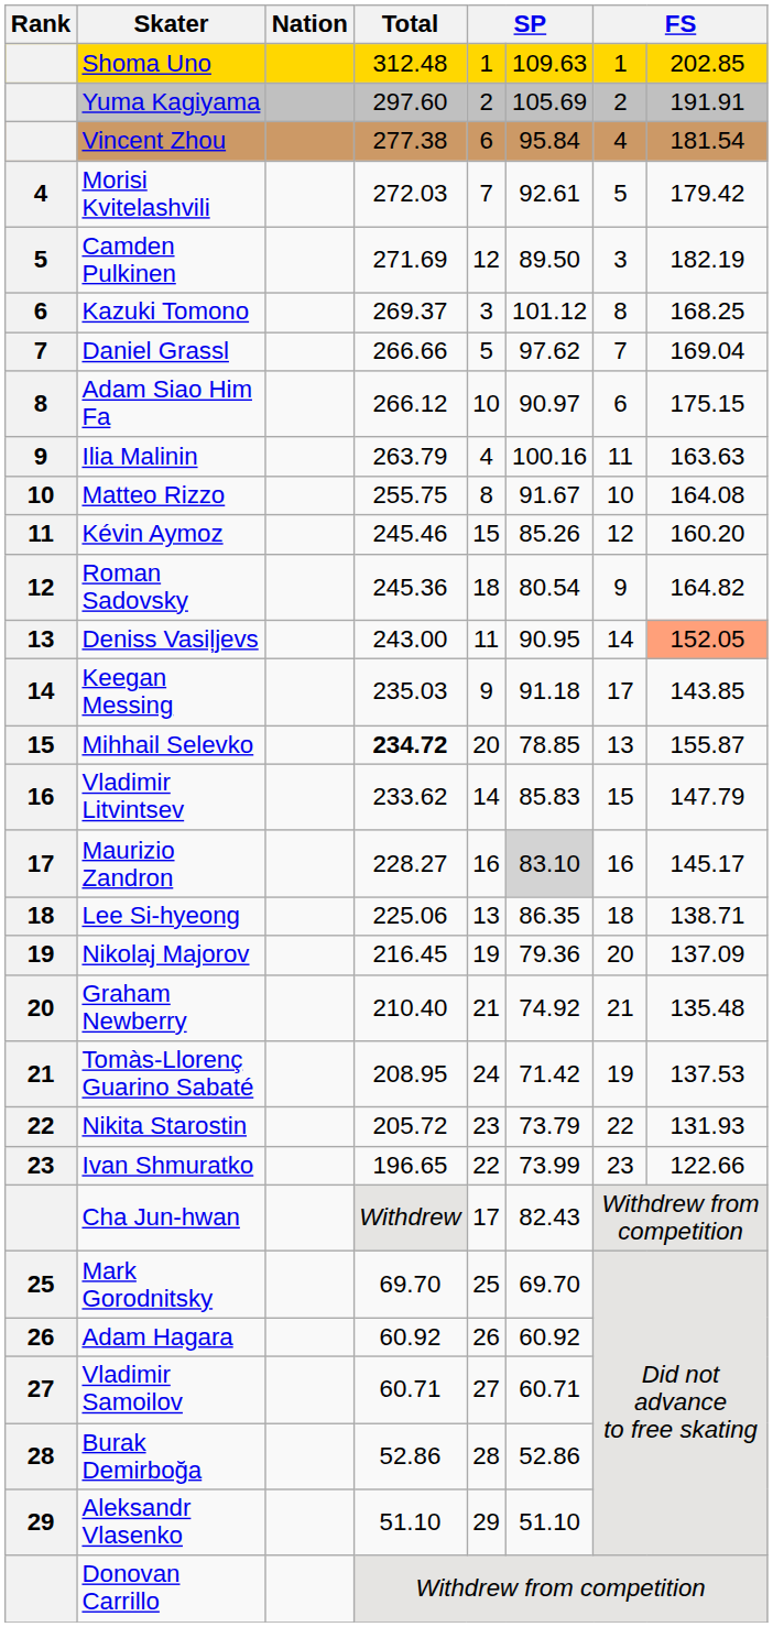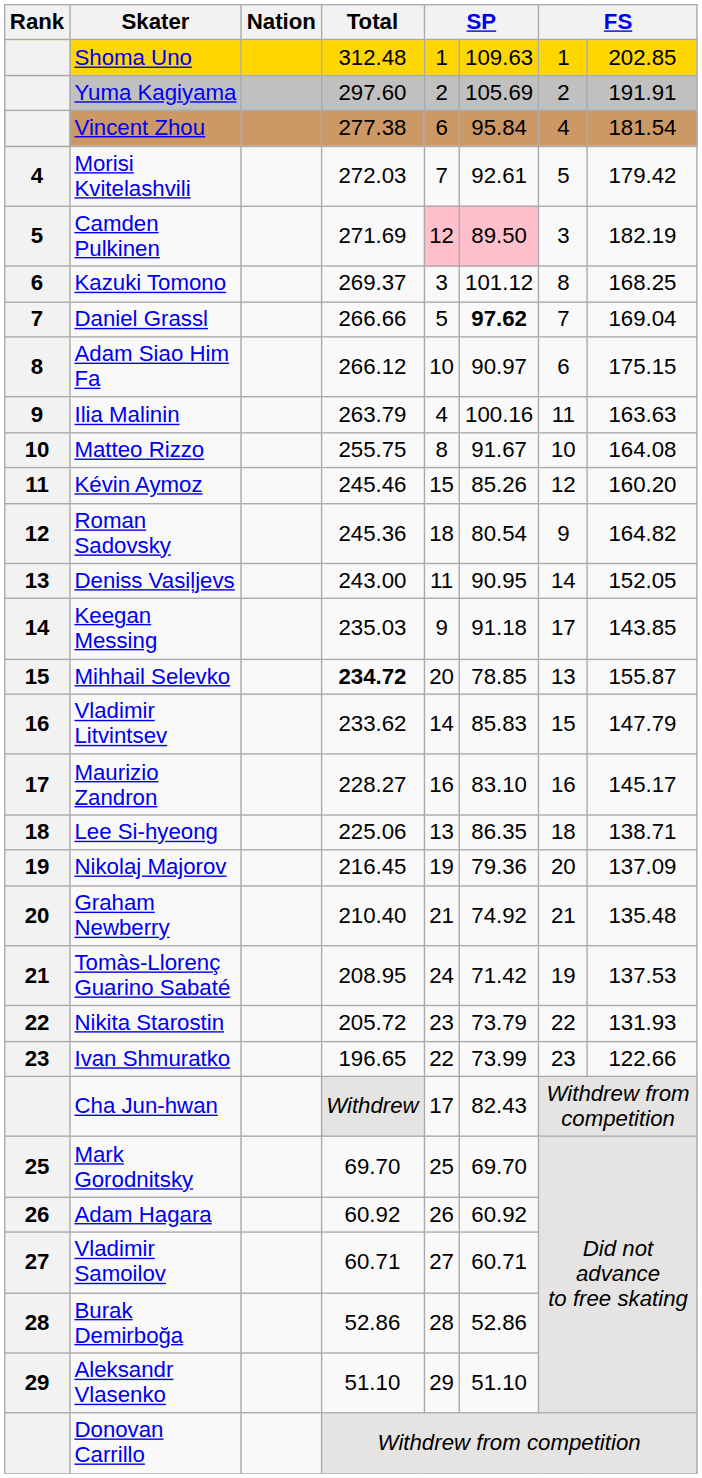 <table class="wikitable sortable" style="text-align:center; width:80%">
 <tr>
 <th scope="col">Rank</th>
 <th scope="col">Skater</th>
 <th scope="col">Nation</th>
 <th scope="col">Total</th>
 <th colspan="2" width="80px"><a href='#'>SP</a></th>
 <th colspan="2" width="80px"><a href='#'>FS</a></th>
 </tr>
 <tr bgcolor="gold">
 <th scope="row"></th>
 <td align="left"><a href='#'>Shoma Uno</a></td>
 <td align="left"></td>
 <td align="center">312.48</td>
 <td align="center">1</td>
 <td align="center">109.63</td>
 <td align="center">1</td>
 <td align="center">202.85</td>
 </tr>
 <tr bgcolor="silver">
 <th scope="row"></th>
 <td align="left"><a href='#'>Yuma Kagiyama</a></td>
 <td align="left"></td>
 <td align="center">297.60</td>
 <td align="center">2</td>
 <td align="center">105.69</td>
 <td align="center">2</td>
 <td align="center">191.91</td>
 </tr>
 <tr bgcolor="#cc9966">
 <th scope="row"></th>
 <td align="left"><a href='#'>Vincent Zhou</a></td>
 <td align="left"></td>
 <td align="center">277.38</td>
 <td align="center">6</td>
 <td align="center">95.84</td>
 <td align="center">4</td>
 <td align="center">181.54</td>
 </tr>
 <tr>
 <th scope="row">4</th>
 <td align="left"><a href='#'>Morisi Kvitelashvili</a></td>
 <td align="left"></td>
 <td align="center">272.03</td>
 <td align="center">7</td>
 <td align="center">92.61</td>
 <td align="center">5</td>
 <td align="center">179.42</td>
 </tr>
 <tr>
 <th scope="row">5</th>
 <td align="left"><a href='#'>Camden Pulkinen</a></td>
 <td align="left"></td>
 <td align="center">271.69</td>
-<td align="center">12</td>
-<td align="center">89.50</td>
+<td align="center" style="background: pink;">12</td>
+<td align="center" style="background: pink;">89.50</td>
 <td align="center">3</td>
 <td align="center">182.19</td>
 </tr>
 <tr>
 <th scope="row">6</th>
 <td align="left"><a href='#'>Kazuki Tomono</a></td>
 <td align="left"></td>
 <td align="center">269.37</td>
 <td align="center">3</td>
 <td align="center">101.12</td>
 <td align="center">8</td>
 <td align="center">168.25</td>
 </tr>
 <tr>
 <th scope="row">7</th>
 <td align="left"><a href='#'>Daniel Grassl</a></td>
 <td align="left"></td>
 <td align="center">266.66</td>
 <td align="center">5</td>
-<td align="center">97.62</td>
+<td align="center"><strong>97.62</strong></td>
 <td align="center">7</td>
 <td align="center">169.04</td>
 </tr>
 <tr>
 <th scope="row">8</th>
 <td align="left"><a href='#'>Adam Siao Him Fa</a></td>
 <td align="left"></td>
 <td align="center">266.12</td>
 <td align="center">10</td>
 <td align="center">90.97</td>
 <td align="center">6</td>
 <td align="center">175.15</td>
 </tr>
 <tr>
 <th scope="row">9</th>
 <td align="left"><a href='#'>Ilia Malinin</a></td>
 <td align="left"></td>
 <td align="center">263.79</td>
 <td align="center">4</td>
 <td align="center">100.16</td>
 <td align="center">11</td>
 <td align="center">163.63</td>
 </tr>
 <tr>
 <th scope="row">10</th>
 <td align="left"><a href='#'>Matteo Rizzo</a></td>
 <td align="left"></td>
 <td align="center">255.75</td>
 <td align="center">8</td>
 <td align="center">91.67</td>
 <td align="center">10</td>
 <td align="center">164.08</td>
 </tr>
 <tr>
 <th scope="row">11</th>
 <td align="left"><a href='#'>Kévin Aymoz</a></td>
 <td align="left"></td>
 <td align="center">245.46</td>
 <td align="center">15</td>
 <td align="center">85.26</td>
 <td align="center">12</td>
 <td align="center">160.20</td>
 </tr>
 <tr>
 <th scope="row">12</th>
 <td align="left"><a href='#'>Roman Sadovsky</a></td>
 <td align="left"></td>
 <td align="center">245.36</td>
 <td align="center">18</td>
 <td align="center">80.54</td>
 <td align="center">9</td>
 <td align="center">164.82</td>
 </tr>
 <tr>
 <th scope="row">13</th>
 <td align="left"><a href='#'>Deniss Vasiļjevs</a></td>
 <td align="left"></td>
 <td align="center">243.00</td>
 <td align="center">11</td>
 <td align="center">90.95</td>
 <td align="center">14</td>
-<td align="center" style="background: lightsalmon;">152.05</td>
+<td align="center">152.05</td>
 </tr>
 <tr>
 <th scope="row">14</th>
 <td align="left"><a href='#'>Keegan Messing</a></td>
 <td align="left"></td>
 <td align="center">235.03</td>
 <td align="center">9</td>
 <td align="center">91.18</td>
 <td align="center">17</td>
 <td align="center">143.85</td>
 </tr>
 <tr>
 <th scope="row">15</th>
 <td align="left"><a href='#'>Mihhail Selevko</a></td>
 <td align="left"></td>
 <td align="center"><strong>234.72</strong></td>
 <td align="center">20</td>
 <td align="center">78.85</td>
 <td align="center">13</td>
 <td align="center">155.87</td>
 </tr>
 <tr>
 <th scope="row">16</th>
 <td align="left"><a href='#'>Vladimir Litvintsev</a></td>
 <td align="left"></td>
 <td align="center">233.62</td>
 <td align="center">14</td>
 <td align="center">85.83</td>
 <td align="center">15</td>
 <td align="center">147.79</td>
 </tr>
 <tr>
 <th scope="row">17</th>
 <td align="left"><a href='#'>Maurizio Zandron</a></td>
 <td align="left"></td>
 <td align="center">228.27</td>
 <td align="center">16</td>
-<td align="center" style="background: lightgrey;">83.10</td>
+<td align="center">83.10</td>
 <td align="center">16</td>
 <td align="center">145.17</td>
 </tr>
 <tr>
 <th scope="row">18</th>
 <td align="left"><a href='#'>Lee Si-hyeong</a></td>
 <td align="left"></td>
 <td align="center">225.06</td>
 <td align="center">13</td>
 <td align="center">86.35</td>
 <td align="center">18</td>
 <td align="center">138.71</td>
 </tr>
 <tr>
 <th scope="row">19</th>
 <td align="left"><a href='#'>Nikolaj Majorov</a></td>
 <td align="left"></td>
 <td align="center">216.45</td>
 <td align="center">19</td>
 <td align="center">79.36</td>
 <td align="center">20</td>
 <td align="center">137.09</td>
 </tr>
 <tr>
 <th scope="row">20</th>
 <td align="left"><a href='#'>Graham Newberry</a></td>
 <td align="left"></td>
 <td align="center">210.40</td>
 <td align="center">21</td>
 <td align="center">74.92</td>
 <td align="center">21</td>
 <td align="center">135.48</td>
 </tr>
 <tr>
 <th scope="row">21</th>
 <td align="left"><a href='#'>Tomàs-Llorenç Guarino Sabaté</a></td>
 <td align="left"></td>
 <td align="center">208.95</td>
 <td align="center">24</td>
 <td align="center">71.42</td>
 <td align="center">19</td>
 <td align="center">137.53</td>
 </tr>
 <tr>
 <th scope="row">22</th>
 <td align="left"><a href='#'>Nikita Starostin</a></td>
 <td align="left"></td>
 <td align="center">205.72</td>
 <td align="center">23</td>
 <td align="center">73.79</td>
 <td align="center">22</td>
 <td align="center">131.93</td>
 </tr>
 <tr>
 <th scope="row">23</th>
 <td align="left"><a href='#'>Ivan Shmuratko</a></td>
 <td align="left"></td>
 <td align="center">196.65</td>
 <td align="center">22</td>
 <td align="center">73.99</td>
 <td align="center">23</td>
 <td align="center">122.66</td>
 </tr>
 <tr>
 <th scope="row"></th>
 <td align="left"><a href='#'>Cha Jun-hwan</a></td>
 <td align="left"></td>
 <td bgcolor="e5e4e2" align="center"><em>Withdrew</em></td>
 <td align="center">17</td>
 <td align="center">82.43</td>
 <td colspan=2 bgcolor="e5e4e2" align="center"><em>Withdrew from competition</em></td>
 </tr>
 <tr>
 <th scope="row">25</th>
 <td align="left"><a href='#'>Mark Gorodnitsky</a></td>
 <td align="left"></td>
 <td align="center">69.70</td>
 <td align="center">25</td>
 <td align="center">69.70</td>
 <td colspan=2 rowspan="5" bgcolor="e5e4e2" align="center"><em>Did not advance<br>to free skating</em></td>
 </tr>
 <tr>
 <th scope="row">26</th>
 <td align="left"><a href='#'>Adam Hagara</a></td>
 <td align="left"></td>
 <td align="center">60.92</td>
 <td align="center">26</td>
 <td align="center">60.92</td>
 </tr>
 <tr>
 <th scope="row">27</th>
 <td align="left"><a href='#'>Vladimir Samoilov</a></td>
 <td align="left"></td>
 <td align="center">60.71</td>
 <td align="center">27</td>
 <td align="center">60.71</td>
 </tr>
 <tr>
 <th scope="row">28</th>
 <td align="left"><a href='#'>Burak Demirboğa</a></td>
 <td align="left"></td>
 <td align="center">52.86</td>
 <td align="center">28</td>
 <td align="center">52.86</td>
 </tr>
 <tr>
 <th scope="row">29</th>
 <td align="left"><a href='#'>Aleksandr Vlasenko</a></td>
 <td align="left"></td>
 <td align="center">51.10</td>
 <td align="center">29</td>
 <td align="center">51.10</td>
 </tr>
 <tr>
 <th scope="row"></th>
 <td align="left"><a href='#'>Donovan Carrillo</a></td>
 <td align="left"></td>
 <td colspan=5 bgcolor="e5e4e2" align="center"><em>Withdrew from competition</em></td>
 </tr>
 </table>
